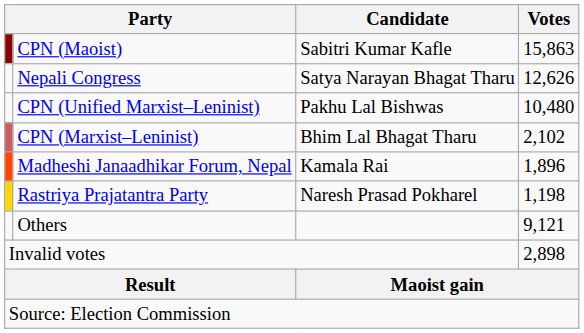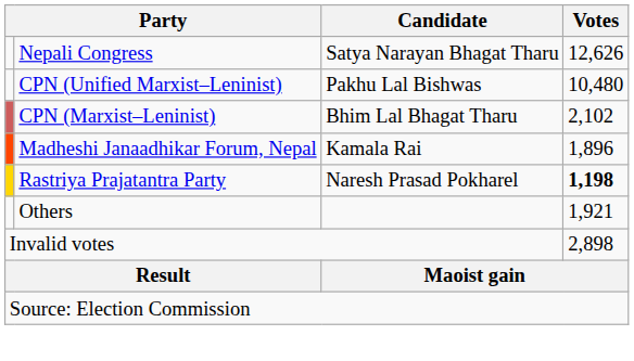 <table class="wikitable">
 <tr>
 <th colspan="2">Party</th>
 <th>Candidate</th>
 <th>Votes</th>
-</tr>
-<tr>
-<td style="background-color:darkred"></td>
-<td><a href='#'>CPN (Maoist)</a></td>
-<td>Sabitri Kumar Kafle</td>
-<td>15,863</td>
 </tr>
 <tr>
 <td style="background-color:"></td>
 <td><a href='#'>Nepali Congress</a></td>
 <td>Satya Narayan Bhagat Tharu</td>
 <td>12,626</td>
 </tr>
 <tr>
 <td style="background-color:"></td>
 <td><a href='#'>CPN (Unified Marxist–Leninist)</a></td>
 <td>Pakhu Lal Bishwas</td>
 <td>10,480</td>
 </tr>
 <tr>
 <td style="background-color:indianred"></td>
 <td><a href='#'>CPN (Marxist–Leninist)</a></td>
 <td>Bhim Lal Bhagat Tharu</td>
 <td>2,102</td>
 </tr>
 <tr>
 <td style="background-color:orangered"></td>
 <td><a href='#'>Madheshi Janaadhikar Forum, Nepal</a></td>
 <td>Kamala Rai</td>
 <td>1,896</td>
 </tr>
 <tr>
 <td style="background-color:gold"></td>
 <td><a href='#'>Rastriya Prajatantra Party</a></td>
 <td>Naresh Prasad Pokharel</td>
-<td>1,198</td>
+<td><strong>1,198</strong></td>
 </tr>
 <tr>
 <td></td>
 <td>Others</td>
 <td></td>
-<td>9,121</td>
+<td>1,921</td>
 </tr>
 <tr>
 <td colspan="3">Invalid votes</td>
 <td>2,898</td>
 </tr>
 <tr>
 <th colspan="2">Result</th>
 <th colspan="2">Maoist gain</th>
 </tr>
 <tr>
 <td colspan="4">Source: Election Commission</td>
 </tr>
 </table>
